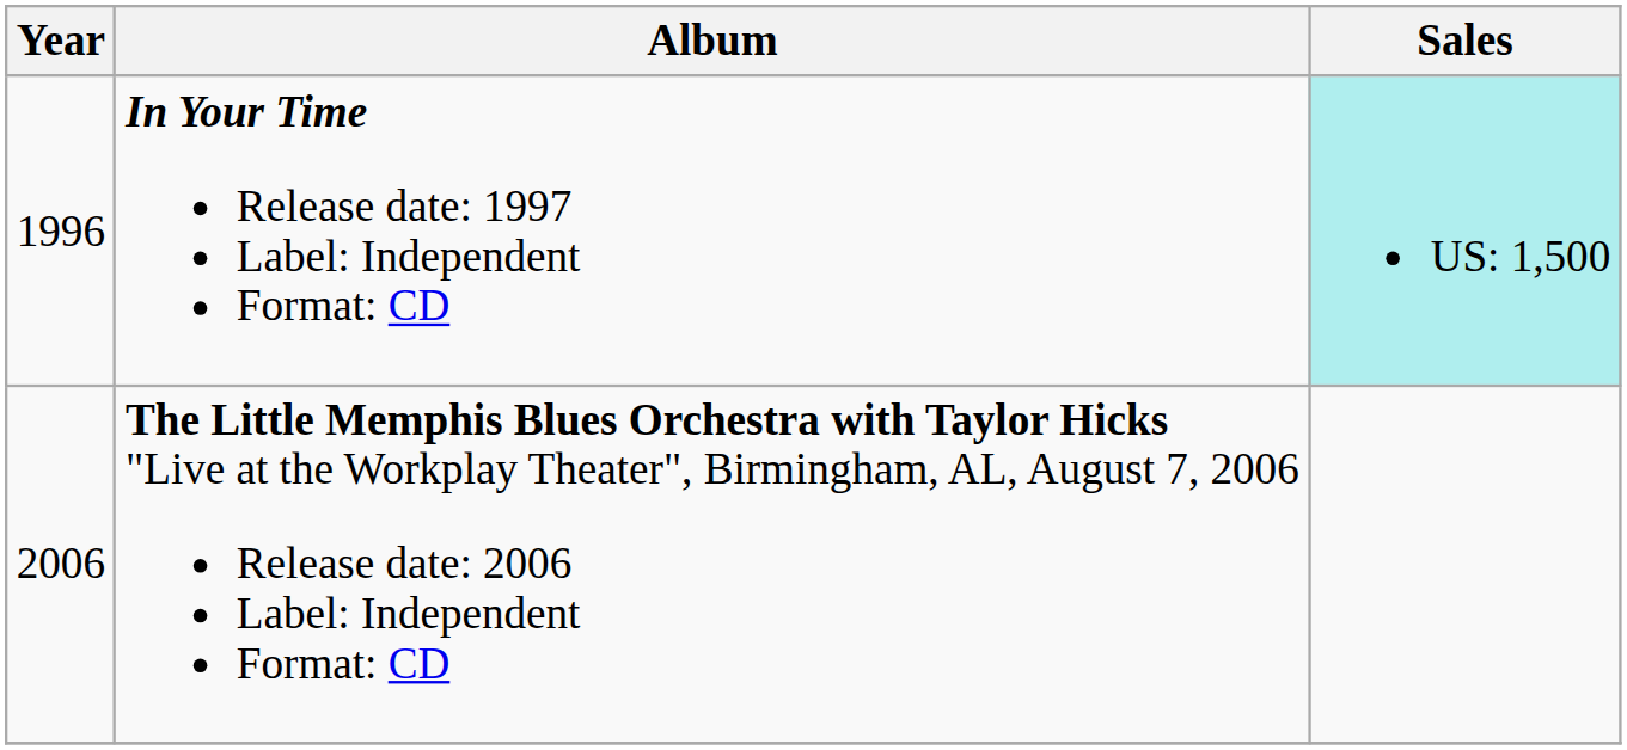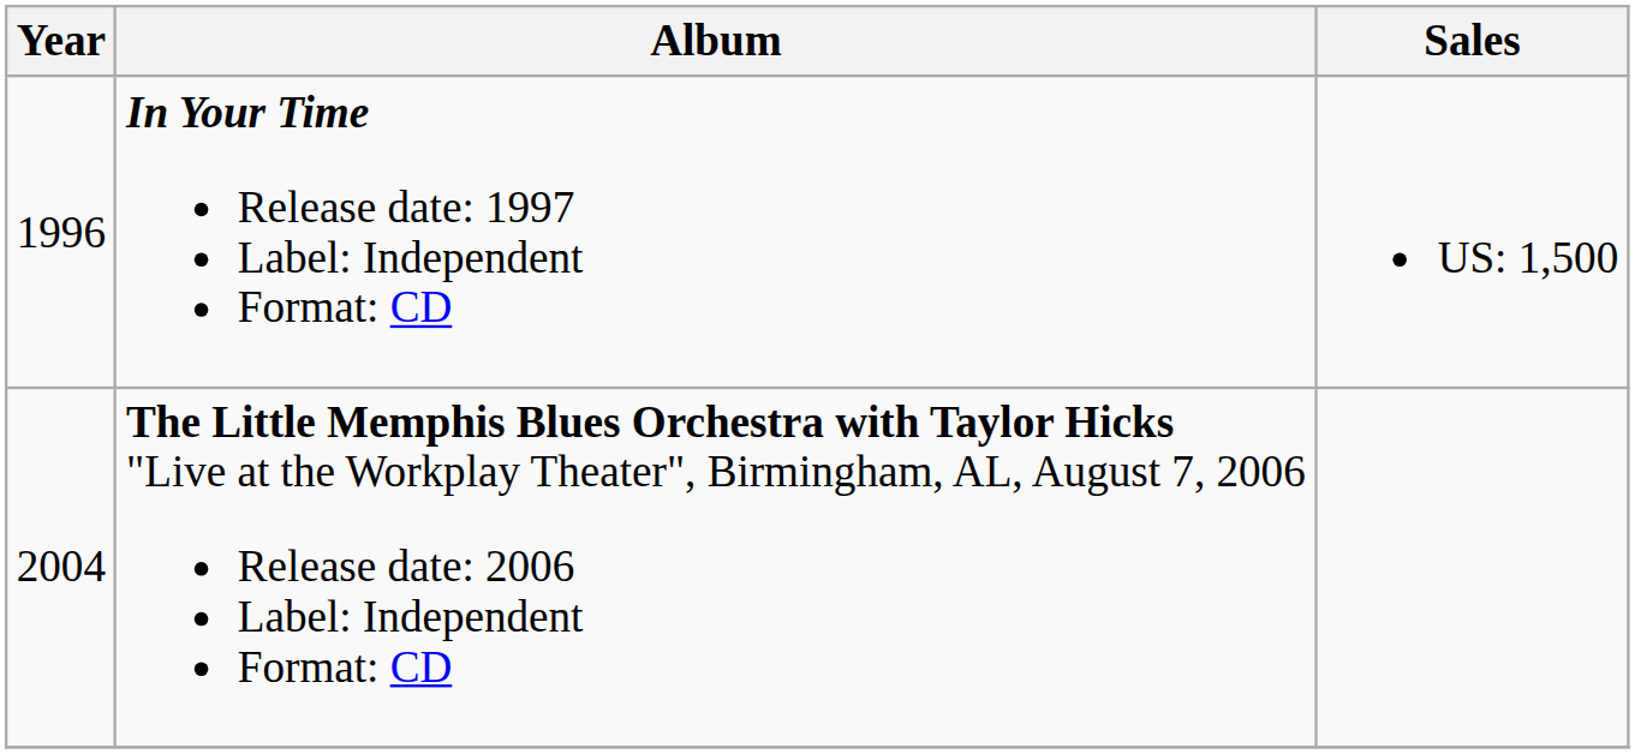 <table class="wikitable" style="text-align:left;">
 <tr>
 <th rowspan="1">Year</th>
 <th rowspan="1">Album</th>
 <th rowspan="1">Sales</th>
 </tr>
 <tr>
 <td>1996</td>
 <td align="left"><strong><em>In Your Time</em></strong><br><ul><li>Release date: 1997</li><li>Label: Independent</li><li>Format: <a href='#'>CD</a></li></ul></td>
-<td style="background: paleturquoise;"><br><ul><li>US: 1,500 </li></ul></td>
+<td><br><ul><li>US: 1,500 </li></ul></td>
 </tr>
 <tr>
-<td>2006</td>
+<td>2004</td>
 <td><strong>The Little Memphis Blues Orchestra with Taylor Hicks</strong><br>"Live at the Workplay Theater", Birmingham, AL, August 7, 2006<ul><li>Release date: 2006</li><li>Label: Independent</li><li>Format: <a href='#'>CD</a></li></ul></td>
 <td></td>
 </tr>
 <tr>
 </tr>
 </table>
